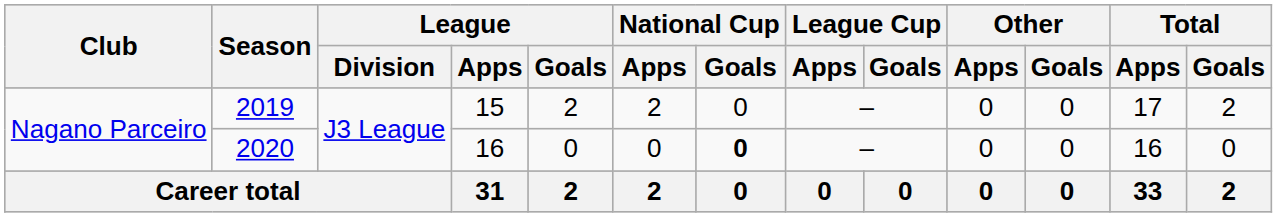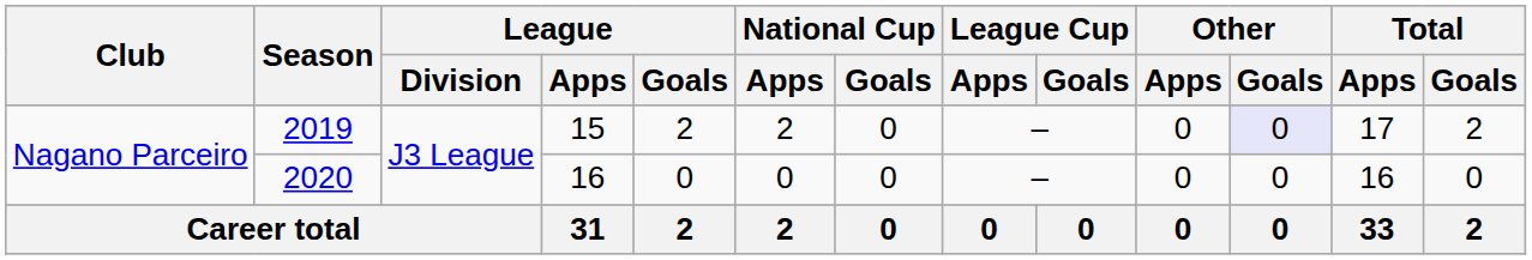 <table class="wikitable" style="text-align: center">
 <tr>
 <th rowspan="2">Club</th>
 <th rowspan="2">Season</th>
 <th colspan="3">League</th>
 <th colspan="2">National Cup</th>
 <th colspan="2">League Cup</th>
 <th colspan="2">Other</th>
 <th colspan="2">Total</th>
 </tr>
 <tr>
 <th>Division</th>
 <th>Apps</th>
 <th>Goals</th>
 <th>Apps</th>
 <th>Goals</th>
 <th>Apps</th>
 <th>Goals</th>
 <th>Apps</th>
 <th>Goals</th>
 <th>Apps</th>
 <th>Goals</th>
 </tr>
 <tr>
 <td rowspan="2"><a href='#'>Nagano Parceiro</a></td>
 <td><a href='#'>2019</a></td>
 <td rowspan="2"><a href='#'>J3 League</a></td>
 <td>15</td>
 <td>2</td>
 <td>2</td>
 <td>0</td>
 <td colspan="2">–</td>
 <td>0</td>
-<td>0</td>
+<td style="background: lavender;">0</td>
 <td>17</td>
 <td>2</td>
 </tr>
 <tr>
 <td><a href='#'>2020</a></td>
 <td>16</td>
 <td>0</td>
 <td>0</td>
-<td><strong>0</strong></td>
+<td>0</td>
 <td colspan="2">–</td>
 <td>0</td>
 <td>0</td>
 <td>16</td>
 <td>0</td>
 </tr>
 <tr>
 <th colspan=3>Career total</th>
 <th>31</th>
 <th>2</th>
 <th>2</th>
 <th>0</th>
 <th>0</th>
 <th>0</th>
 <th>0</th>
 <th>0</th>
 <th>33</th>
 <th>2</th>
 </tr>
 </table>
